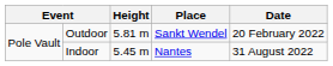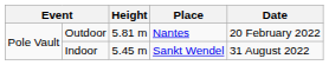 <table class="wikitable" style="font-size: 95%;">
 <tr>
 <th colspan="2" scope="col">Event</th>
 <th scope="col">Height</th>
 <th scope="col">Place</th>
 <th scope="col">Date</th>
 </tr>
 <tr>
 <td rowspan="2">Pole Vault</td>
 <td>Outdoor</td>
 <td align="center">5.81 m</td>
-<td><a href='#'>Sankt Wendel</a></td>
+<td><a href='#'>Nantes</a></td>
 <td>20 February 2022</td>
 </tr>
 <tr>
 <td>Indoor</td>
 <td align="center">5.45 m</td>
-<td><a href='#'>Nantes</a></td>
+<td><a href='#'>Sankt Wendel</a></td>
 <td>31 August 2022</td>
 </tr>
 </table>
